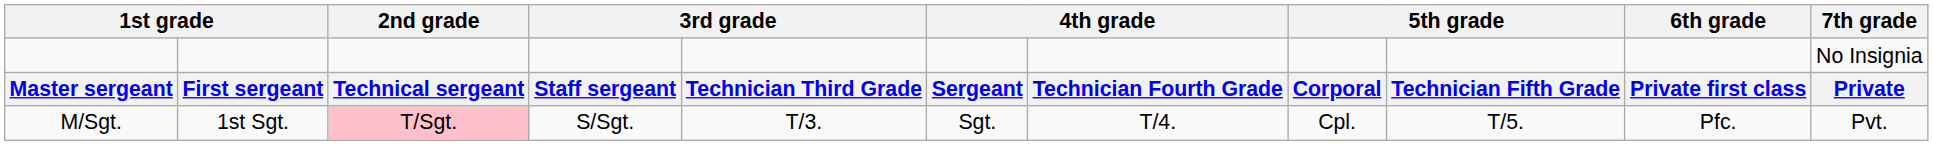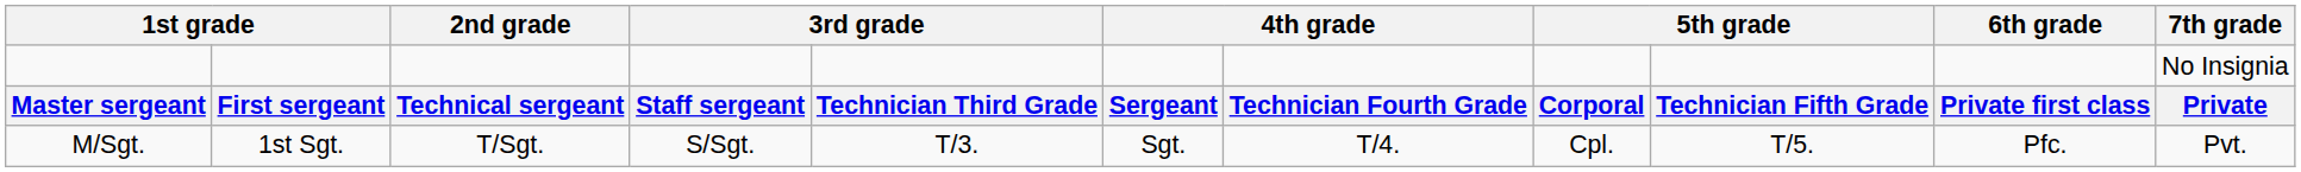 <table class="wikitable" style="text-align:center">
 <tr>
 <th colspan=2>1st grade</th>
 <th>2nd grade</th>
 <th colspan=2>3rd grade</th>
 <th colspan=2>4th grade</th>
 <th colspan=2>5th grade</th>
 <th>6th grade</th>
 <th>7th grade</th>
 </tr>
 <tr>
 <td></td>
 <td></td>
 <td></td>
 <td></td>
 <td></td>
 <td></td>
 <td></td>
 <td></td>
 <td></td>
 <td></td>
 <td>No Insignia</td>
 </tr>
 <tr>
 <th><a href='#'>Master sergeant</a></th>
 <th><a href='#'>First sergeant</a></th>
 <th><a href='#'>Technical sergeant</a></th>
 <th><a href='#'>Staff sergeant</a></th>
 <th><a href='#'>Technician Third Grade</a></th>
 <th><a href='#'>Sergeant</a></th>
 <th><a href='#'>Technician Fourth Grade</a></th>
 <th><a href='#'>Corporal</a></th>
 <th><a href='#'>Technician Fifth Grade</a></th>
 <th><a href='#'>Private first class</a></th>
 <th><a href='#'>Private</a></th>
 </tr>
 <tr>
 <td>M/Sgt.</td>
 <td>1st Sgt.</td>
-<td style="background: pink;">T/Sgt.</td>
+<td>T/Sgt.</td>
 <td>S/Sgt.</td>
 <td>T/3.</td>
 <td>Sgt.</td>
 <td>T/4.</td>
 <td>Cpl.</td>
 <td>T/5.</td>
 <td>Pfc.</td>
 <td>Pvt.</td>
 </tr>
 </table>
